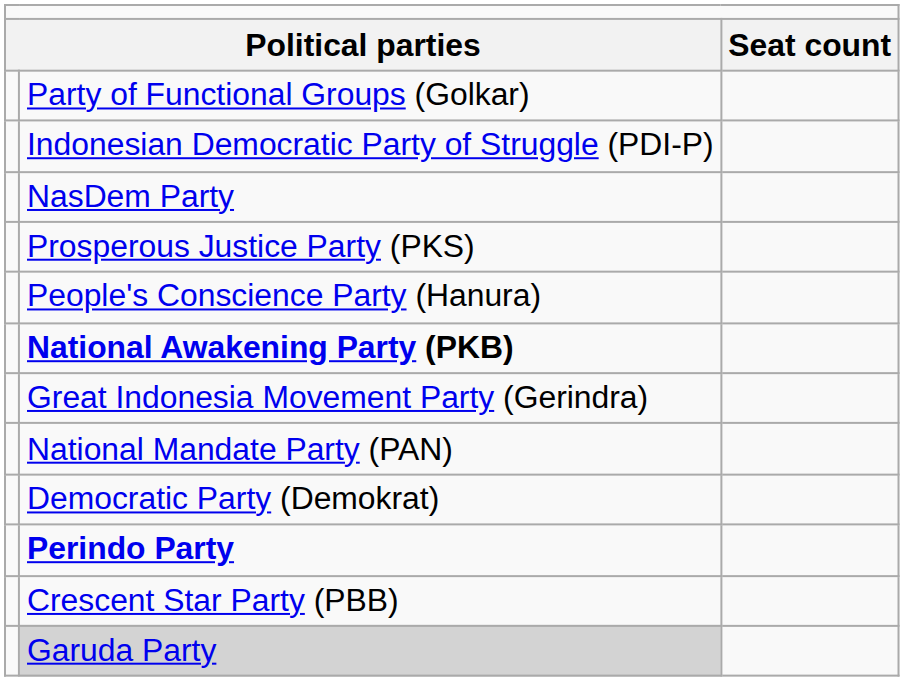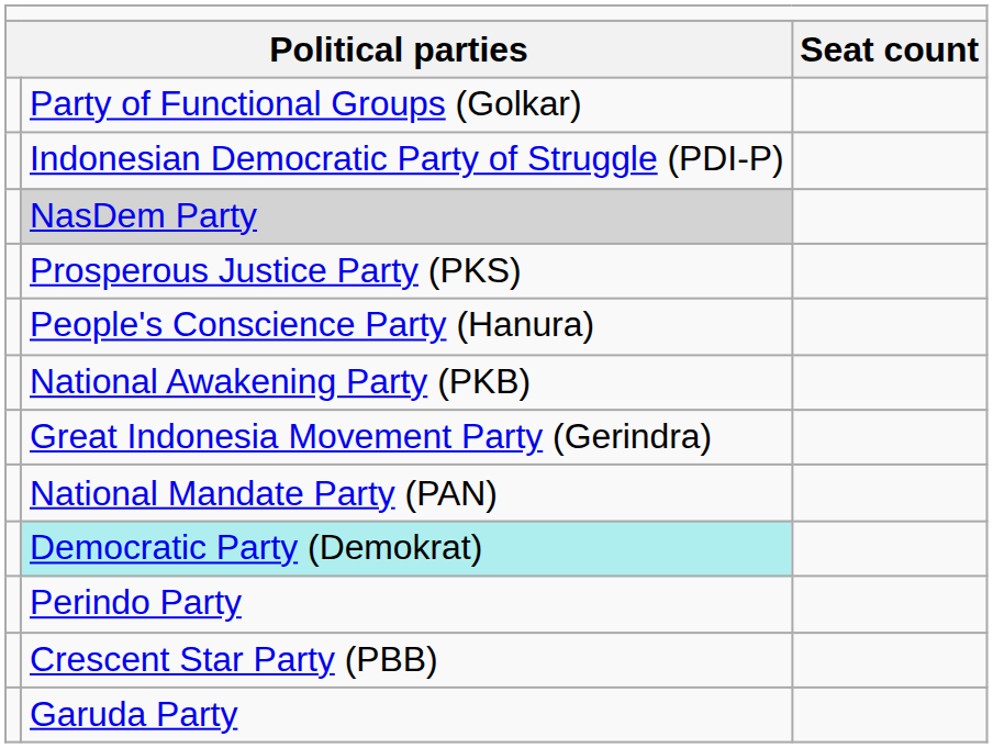 <table class="wikitable">
 <tr>
 <td colspan="4"></td>
 </tr>
 <tr>
 <th colspan="2">Political parties</th>
 <th>Seat count</th>
 </tr>
 <tr>
 <td bgcolor=></td>
 <td><a href='#'>Party of Functional Groups</a> (Golkar)</td>
 <td></td>
 </tr>
 <tr>
 <td bgcolor=></td>
 <td><a href='#'>Indonesian Democratic Party of Struggle</a> (PDI-P)</td>
 <td></td>
 </tr>
 <tr>
 <td bgcolor=></td>
-<td><a href='#'>NasDem Party</a></td>
+<td style="background: lightgrey;"><a href='#'>NasDem Party</a></td>
 <td></td>
 </tr>
 <tr>
 <td bgcolor=></td>
 <td><a href='#'>Prosperous Justice Party</a> (PKS)</td>
 <td></td>
 </tr>
 <tr>
 <td bgcolor=></td>
 <td><a href='#'>People's Conscience Party</a> (Hanura)</td>
 <td></td>
 </tr>
 <tr>
 <td bgcolor=></td>
-<td><strong><a href='#'>National Awakening Party</a> (PKB)</strong></td>
+<td><a href='#'>National Awakening Party</a> (PKB)</td>
 <td></td>
 </tr>
 <tr>
 <td bgcolor=></td>
 <td><a href='#'>Great Indonesia Movement Party</a> (Gerindra)</td>
 <td></td>
 </tr>
 <tr>
 <td bgcolor=></td>
 <td><a href='#'>National Mandate Party</a> (PAN)</td>
 <td></td>
 </tr>
 <tr>
 <td bgcolor=></td>
-<td><a href='#'>Democratic Party</a> (Demokrat)</td>
+<td style="background: paleturquoise;"><a href='#'>Democratic Party</a> (Demokrat)</td>
 <td></td>
 </tr>
 <tr>
 <td bgcolor=></td>
-<td><strong><a href='#'>Perindo Party</a></strong></td>
+<td><a href='#'>Perindo Party</a></td>
 <td></td>
 </tr>
 <tr>
 <td bgcolor=></td>
 <td><a href='#'>Crescent Star Party</a> (PBB)</td>
 <td></td>
 </tr>
 <tr>
 <td bgcolor=></td>
-<td style="background: lightgrey;"><a href='#'>Garuda Party</a></td>
+<td><a href='#'>Garuda Party</a></td>
 <td></td>
 </tr>
 </table>
